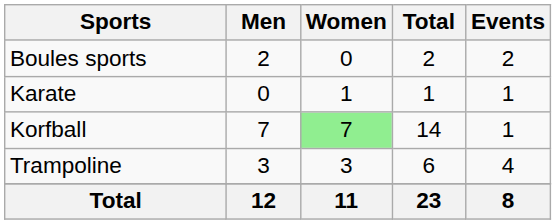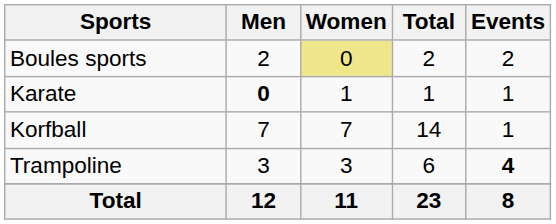 <table class="wikitable sortable" style="text-align:center;">
 <tr>
 <th width=150>Sports</th>
 <th width=45>Men</th>
 <th width=45>Women</th>
 <th width=45>Total</th>
 <th width=45>Events</th>
 </tr>
 <tr>
 <td align=left>Boules sports</td>
 <td>2</td>
-<td>0</td>
+<td style="background: khaki;">0</td>
 <td>2</td>
 <td>2</td>
 </tr>
 <tr>
 <td align=left>Karate</td>
-<td>0</td>
+<td><strong>0</strong></td>
 <td>1</td>
 <td>1</td>
 <td>1</td>
 </tr>
 <tr>
 <td align=left>Korfball</td>
 <td>7</td>
-<td style="background: lightgreen;">7</td>
+<td>7</td>
 <td>14</td>
 <td>1</td>
 </tr>
 <tr>
 <td align=left>Trampoline</td>
 <td>3</td>
 <td>3</td>
 <td>6</td>
-<td>4</td>
+<td><strong>4</strong></td>
 </tr>
 <tr>
 </tr>
 <tr class="sortbottom">
 <th>Total</th>
 <th>12</th>
 <th>11</th>
 <th>23</th>
 <th>8</th>
 </tr>
 </table>
